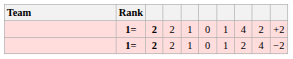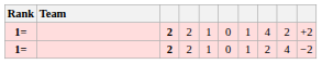 <table class="wikitable" style="text-align:center">
 <tr>
+<th width=30>Rank</th>
 <th width=165 style="text-align:left">Team</th>
-<th width=30>Rank</th>
 <th width=20></th>
 <th width=20></th>
 <th width=20></th>
 <th width=20></th>
 <th width=20></th>
 <th width=20></th>
 <th width=20></th>
 <th width=20></th>
 </tr>
 <tr bgcolor="#ffdddd">
+<td><strong>1=</strong></td>
 <td align="left"></td>
-<td><strong>1=</strong></td>
 <td><strong>2</strong></td>
 <td>2</td>
 <td>1</td>
 <td>0</td>
 <td>1</td>
 <td>4</td>
 <td>2</td>
 <td>+2</td>
 </tr>
 <tr bgcolor="#ffdddd">
+<td><strong>1=</strong></td>
 <td align="left"></td>
-<td><strong>1=</strong></td>
 <td><strong>2</strong></td>
 <td>2</td>
 <td>1</td>
 <td>0</td>
 <td>1</td>
 <td>2</td>
 <td>4</td>
 <td>−2</td>
 </tr>
 </table>
